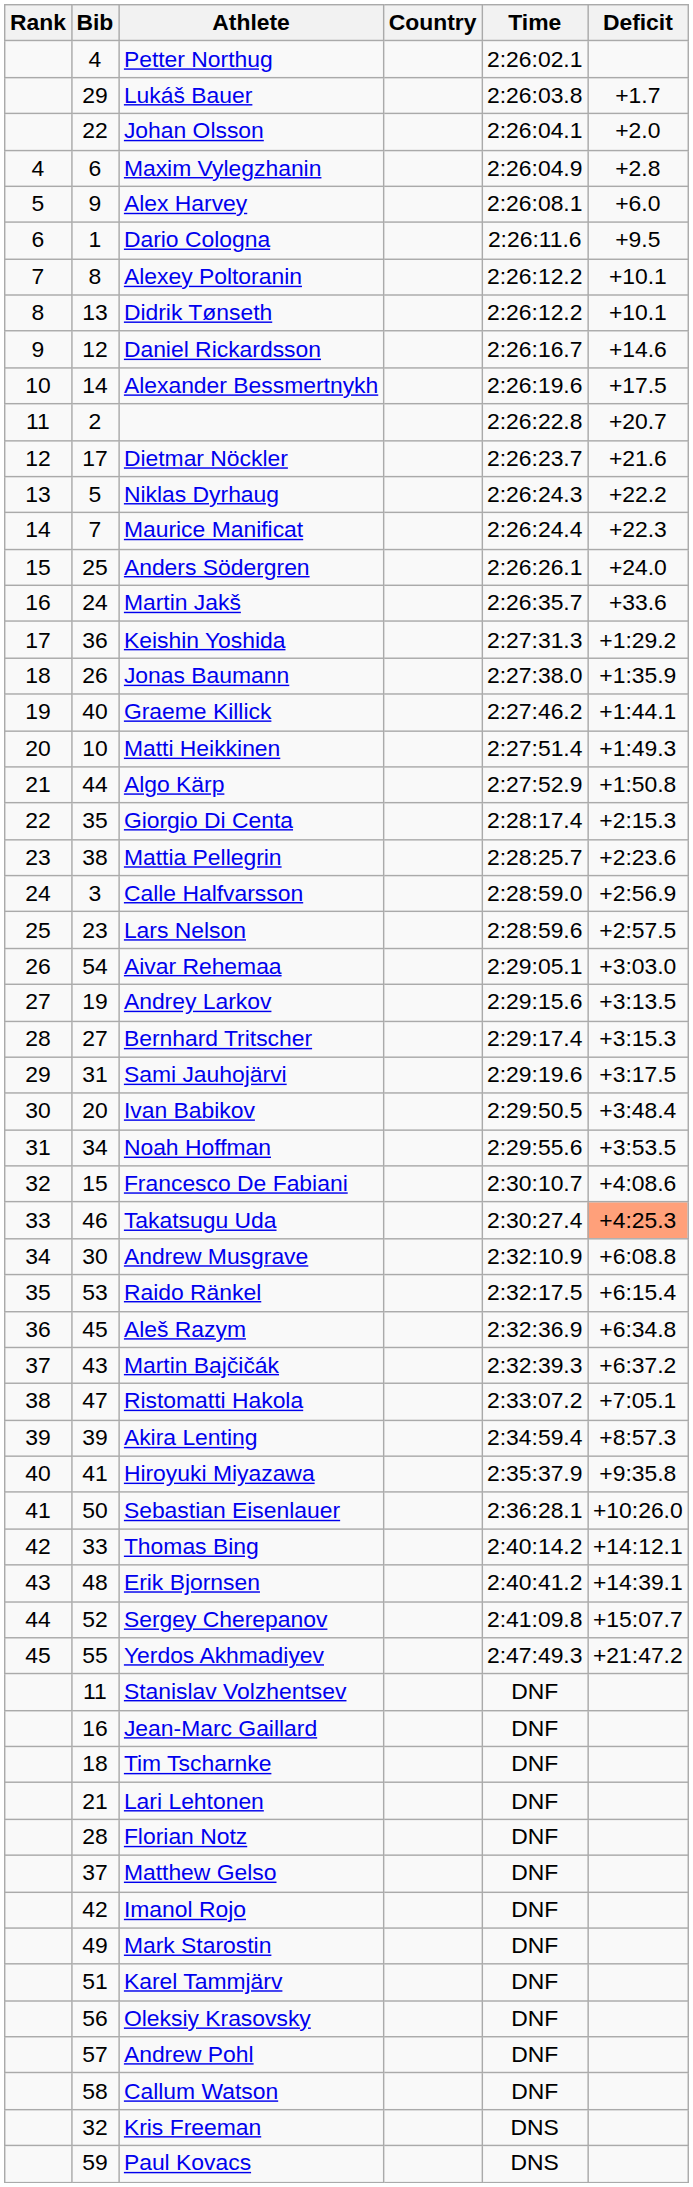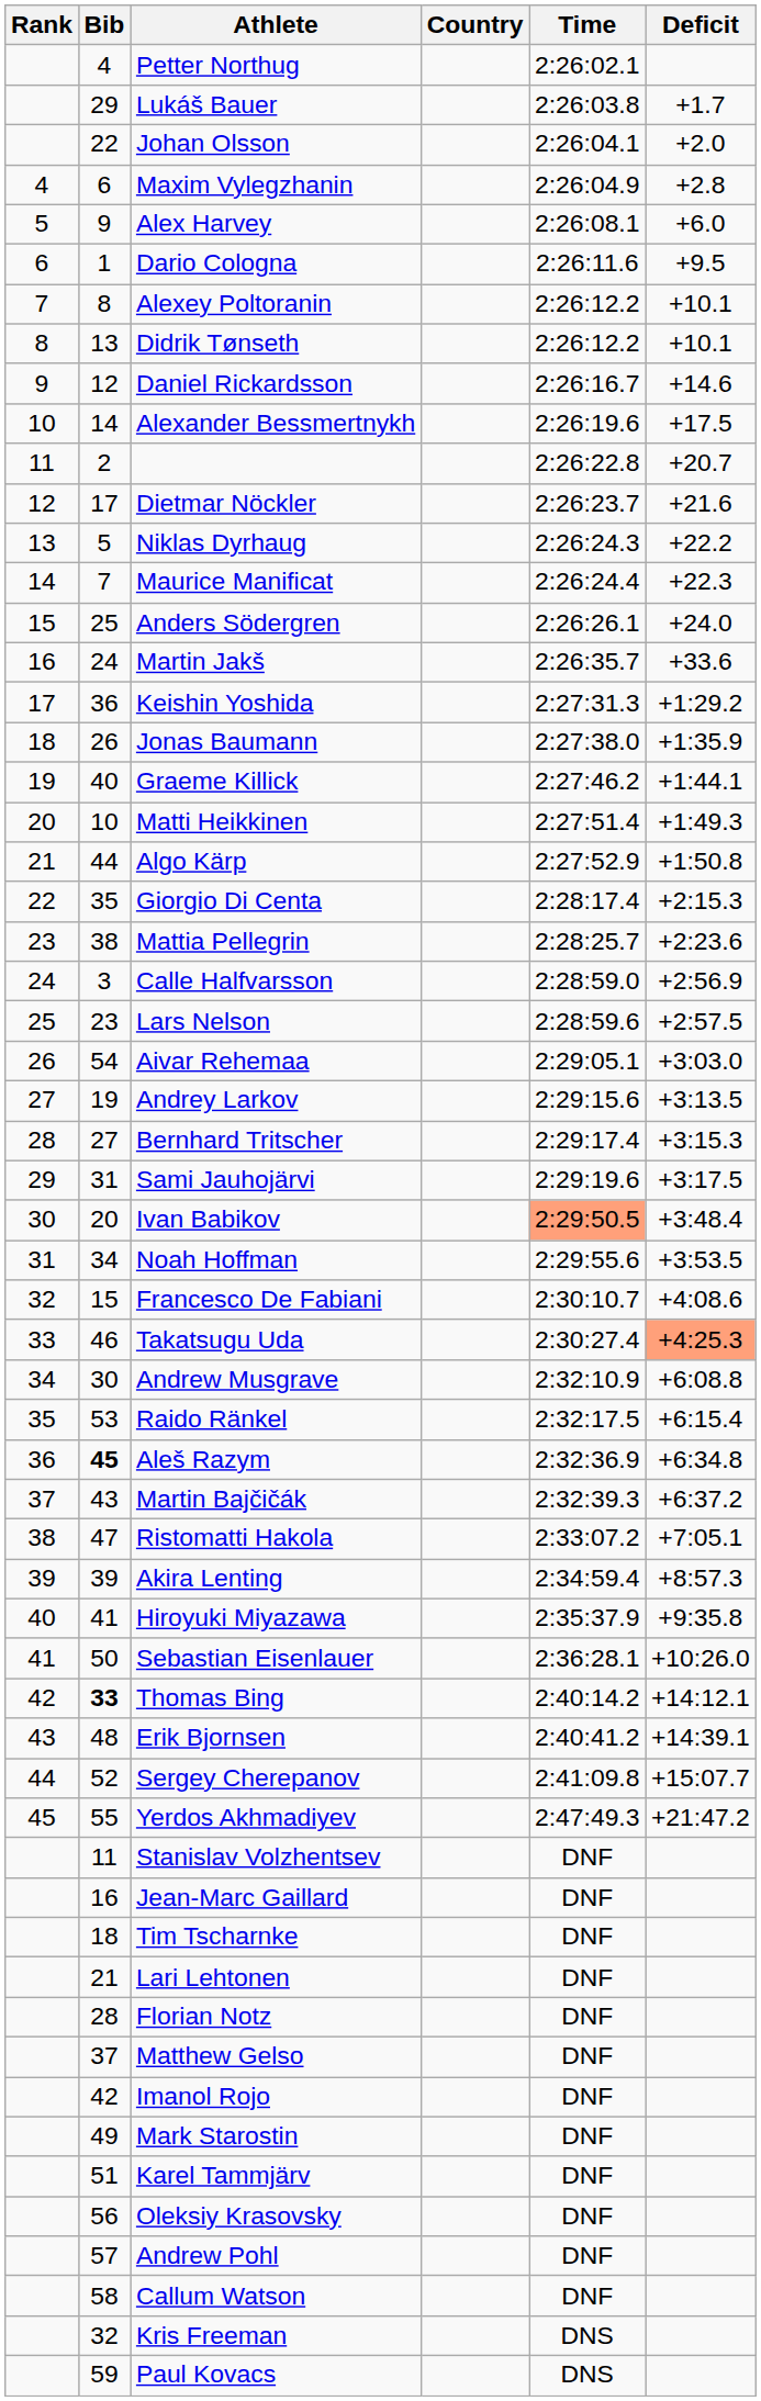 <table class="wikitable sortable" style="text-align:center">
 <tr>
 <th>Rank</th>
 <th>Bib</th>
 <th>Athlete</th>
 <th>Country</th>
 <th>Time</th>
 <th>Deficit</th>
 </tr>
 <tr>
 <td></td>
 <td>4</td>
 <td align=left><a href='#'>Petter Northug</a></td>
 <td align=left></td>
 <td>2:26:02.1</td>
 <td></td>
 </tr>
 <tr>
 <td></td>
 <td>29</td>
 <td align=left><a href='#'>Lukáš Bauer</a></td>
 <td align=left></td>
 <td>2:26:03.8</td>
 <td>+1.7</td>
 </tr>
 <tr>
 <td></td>
 <td>22</td>
 <td align=left><a href='#'>Johan Olsson</a></td>
 <td align=left></td>
 <td>2:26:04.1</td>
 <td>+2.0</td>
 </tr>
 <tr>
 <td>4</td>
 <td>6</td>
 <td align=left><a href='#'>Maxim Vylegzhanin</a></td>
 <td align=left></td>
 <td>2:26:04.9</td>
 <td>+2.8</td>
 </tr>
 <tr>
 <td>5</td>
 <td>9</td>
 <td align=left><a href='#'>Alex Harvey</a></td>
 <td align=left></td>
 <td>2:26:08.1</td>
 <td>+6.0</td>
 </tr>
 <tr>
 <td>6</td>
 <td>1</td>
 <td align=left><a href='#'>Dario Cologna</a></td>
 <td align=left></td>
 <td>2:26:11.6</td>
 <td>+9.5</td>
 </tr>
 <tr>
 <td>7</td>
 <td>8</td>
 <td align=left><a href='#'>Alexey Poltoranin</a></td>
 <td align=left></td>
 <td>2:26:12.2</td>
 <td>+10.1</td>
 </tr>
 <tr>
 <td>8</td>
 <td>13</td>
 <td align=left><a href='#'>Didrik Tønseth</a></td>
 <td align=left></td>
 <td>2:26:12.2</td>
 <td>+10.1</td>
 </tr>
 <tr>
 <td>9</td>
 <td>12</td>
 <td align=left><a href='#'>Daniel Rickardsson</a></td>
 <td align=left></td>
 <td>2:26:16.7</td>
 <td>+14.6</td>
 </tr>
 <tr>
 <td>10</td>
 <td>14</td>
 <td align=left><a href='#'>Alexander Bessmertnykh</a></td>
 <td align=left></td>
 <td>2:26:19.6</td>
 <td>+17.5</td>
 </tr>
 <tr>
 <td>11</td>
 <td>2</td>
 <td align=left></td>
 <td align=left></td>
 <td>2:26:22.8</td>
 <td>+20.7</td>
 </tr>
 <tr>
 <td>12</td>
 <td>17</td>
 <td align=left><a href='#'>Dietmar Nöckler</a></td>
 <td align=left></td>
 <td>2:26:23.7</td>
 <td>+21.6</td>
 </tr>
 <tr>
 <td>13</td>
 <td>5</td>
 <td align=left><a href='#'>Niklas Dyrhaug</a></td>
 <td align=left></td>
 <td>2:26:24.3</td>
 <td>+22.2</td>
 </tr>
 <tr>
 <td>14</td>
 <td>7</td>
 <td align=left><a href='#'>Maurice Manificat</a></td>
 <td align=left></td>
 <td>2:26:24.4</td>
 <td>+22.3</td>
 </tr>
 <tr>
 <td>15</td>
 <td>25</td>
 <td align=left><a href='#'>Anders Södergren</a></td>
 <td align=left></td>
 <td>2:26:26.1</td>
 <td>+24.0</td>
 </tr>
 <tr>
 <td>16</td>
 <td>24</td>
 <td align=left><a href='#'>Martin Jakš</a></td>
 <td align=left></td>
 <td>2:26:35.7</td>
 <td>+33.6</td>
 </tr>
 <tr>
 <td>17</td>
 <td>36</td>
 <td align=left><a href='#'>Keishin Yoshida</a></td>
 <td align=left></td>
 <td>2:27:31.3</td>
 <td>+1:29.2</td>
 </tr>
 <tr>
 <td>18</td>
 <td>26</td>
 <td align=left><a href='#'>Jonas Baumann</a></td>
 <td align=left></td>
 <td>2:27:38.0</td>
 <td>+1:35.9</td>
 </tr>
 <tr>
 <td>19</td>
 <td>40</td>
 <td align=left><a href='#'>Graeme Killick</a></td>
 <td align=left></td>
 <td>2:27:46.2</td>
 <td>+1:44.1</td>
 </tr>
 <tr>
 <td>20</td>
 <td>10</td>
 <td align=left><a href='#'>Matti Heikkinen</a></td>
 <td align=left></td>
 <td>2:27:51.4</td>
 <td>+1:49.3</td>
 </tr>
 <tr>
 <td>21</td>
 <td>44</td>
 <td align=left><a href='#'>Algo Kärp</a></td>
 <td align=left></td>
 <td>2:27:52.9</td>
 <td>+1:50.8</td>
 </tr>
 <tr>
 <td>22</td>
 <td>35</td>
 <td align=left><a href='#'>Giorgio Di Centa</a></td>
 <td align=left></td>
 <td>2:28:17.4</td>
 <td>+2:15.3</td>
 </tr>
 <tr>
 <td>23</td>
 <td>38</td>
 <td align=left><a href='#'>Mattia Pellegrin</a></td>
 <td align=left></td>
 <td>2:28:25.7</td>
 <td>+2:23.6</td>
 </tr>
 <tr>
 <td>24</td>
 <td>3</td>
 <td align=left><a href='#'>Calle Halfvarsson</a></td>
 <td align=left></td>
 <td>2:28:59.0</td>
 <td>+2:56.9</td>
 </tr>
 <tr>
 <td>25</td>
 <td>23</td>
 <td align=left><a href='#'>Lars Nelson</a></td>
 <td align=left></td>
 <td>2:28:59.6</td>
 <td>+2:57.5</td>
 </tr>
 <tr>
 <td>26</td>
 <td>54</td>
 <td align=left><a href='#'>Aivar Rehemaa</a></td>
 <td align=left></td>
 <td>2:29:05.1</td>
 <td>+3:03.0</td>
 </tr>
 <tr>
 <td>27</td>
 <td>19</td>
 <td align=left><a href='#'>Andrey Larkov</a></td>
 <td align=left></td>
 <td>2:29:15.6</td>
 <td>+3:13.5</td>
 </tr>
 <tr>
 <td>28</td>
 <td>27</td>
 <td align=left><a href='#'>Bernhard Tritscher</a></td>
 <td align=left></td>
 <td>2:29:17.4</td>
 <td>+3:15.3</td>
 </tr>
 <tr>
 <td>29</td>
 <td>31</td>
 <td align=left><a href='#'>Sami Jauhojärvi</a></td>
 <td align=left></td>
 <td>2:29:19.6</td>
 <td>+3:17.5</td>
 </tr>
 <tr>
 <td>30</td>
 <td>20</td>
 <td align=left><a href='#'>Ivan Babikov</a></td>
 <td align=left></td>
-<td>2:29:50.5</td>
+<td style="background: lightsalmon;">2:29:50.5</td>
 <td>+3:48.4</td>
 </tr>
 <tr>
 <td>31</td>
 <td>34</td>
 <td align=left><a href='#'>Noah Hoffman</a></td>
 <td align=left></td>
 <td>2:29:55.6</td>
 <td>+3:53.5</td>
 </tr>
 <tr>
 <td>32</td>
 <td>15</td>
 <td align=left><a href='#'>Francesco De Fabiani</a></td>
 <td align=left></td>
 <td>2:30:10.7</td>
 <td>+4:08.6</td>
 </tr>
 <tr>
 <td>33</td>
 <td>46</td>
 <td align=left><a href='#'>Takatsugu Uda</a></td>
 <td align=left></td>
 <td>2:30:27.4</td>
 <td style="background: lightsalmon;">+4:25.3</td>
 </tr>
 <tr>
 <td>34</td>
 <td>30</td>
 <td align=left><a href='#'>Andrew Musgrave</a></td>
 <td align=left></td>
 <td>2:32:10.9</td>
 <td>+6:08.8</td>
 </tr>
 <tr>
 <td>35</td>
 <td>53</td>
 <td align=left><a href='#'>Raido Ränkel</a></td>
 <td align=left></td>
 <td>2:32:17.5</td>
 <td>+6:15.4</td>
 </tr>
 <tr>
 <td>36</td>
-<td>45</td>
+<td><strong>45</strong></td>
 <td align=left><a href='#'>Aleš Razym</a></td>
 <td align=left></td>
 <td>2:32:36.9</td>
 <td>+6:34.8</td>
 </tr>
 <tr>
 <td>37</td>
 <td>43</td>
 <td align=left><a href='#'>Martin Bajčičák</a></td>
 <td align=left></td>
 <td>2:32:39.3</td>
 <td>+6:37.2</td>
 </tr>
 <tr>
 <td>38</td>
 <td>47</td>
 <td align=left><a href='#'>Ristomatti Hakola</a></td>
 <td align=left></td>
 <td>2:33:07.2</td>
 <td>+7:05.1</td>
 </tr>
 <tr>
 <td>39</td>
 <td>39</td>
 <td align=left><a href='#'>Akira Lenting</a></td>
 <td align=left></td>
 <td>2:34:59.4</td>
 <td>+8:57.3</td>
 </tr>
 <tr>
 <td>40</td>
 <td>41</td>
 <td align=left><a href='#'>Hiroyuki Miyazawa</a></td>
 <td align=left></td>
 <td>2:35:37.9</td>
 <td>+9:35.8</td>
 </tr>
 <tr>
 <td>41</td>
 <td>50</td>
 <td align=left><a href='#'>Sebastian Eisenlauer</a></td>
 <td align=left></td>
 <td>2:36:28.1</td>
 <td>+10:26.0</td>
 </tr>
 <tr>
 <td>42</td>
-<td>33</td>
+<td><strong>33</strong></td>
 <td align=left><a href='#'>Thomas Bing</a></td>
 <td align=left></td>
 <td>2:40:14.2</td>
 <td>+14:12.1</td>
 </tr>
 <tr>
 <td>43</td>
 <td>48</td>
 <td align=left><a href='#'>Erik Bjornsen</a></td>
 <td align=left></td>
 <td>2:40:41.2</td>
 <td>+14:39.1</td>
 </tr>
 <tr>
 <td>44</td>
 <td>52</td>
 <td align=left><a href='#'>Sergey Cherepanov</a></td>
 <td align=left></td>
 <td>2:41:09.8</td>
 <td>+15:07.7</td>
 </tr>
 <tr>
 <td>45</td>
 <td>55</td>
 <td align=left><a href='#'>Yerdos Akhmadiyev</a></td>
 <td align=left></td>
 <td>2:47:49.3</td>
 <td>+21:47.2</td>
 </tr>
 <tr>
 <td></td>
 <td>11</td>
 <td align=left><a href='#'>Stanislav Volzhentsev</a></td>
 <td align=left></td>
 <td>DNF</td>
 <td></td>
 </tr>
 <tr>
 <td></td>
 <td>16</td>
 <td align=left><a href='#'>Jean-Marc Gaillard</a></td>
 <td align=left></td>
 <td>DNF</td>
 <td></td>
 </tr>
 <tr>
 <td></td>
 <td>18</td>
 <td align=left><a href='#'>Tim Tscharnke</a></td>
 <td align=left></td>
 <td>DNF</td>
 <td></td>
 </tr>
 <tr>
 <td></td>
 <td>21</td>
 <td align=left><a href='#'>Lari Lehtonen</a></td>
 <td align=left></td>
 <td>DNF</td>
 <td></td>
 </tr>
 <tr>
 <td></td>
 <td>28</td>
 <td align=left><a href='#'>Florian Notz</a></td>
 <td align=left></td>
 <td>DNF</td>
 <td></td>
 </tr>
 <tr>
 <td></td>
 <td>37</td>
 <td align=left><a href='#'>Matthew Gelso</a></td>
 <td align=left></td>
 <td>DNF</td>
 <td></td>
 </tr>
 <tr>
 <td></td>
 <td>42</td>
 <td align=left><a href='#'>Imanol Rojo</a></td>
 <td align=left></td>
 <td>DNF</td>
 <td></td>
 </tr>
 <tr>
 <td></td>
 <td>49</td>
 <td align=left><a href='#'>Mark Starostin</a></td>
 <td align=left></td>
 <td>DNF</td>
 <td></td>
 </tr>
 <tr>
 <td></td>
 <td>51</td>
 <td align=left><a href='#'>Karel Tammjärv</a></td>
 <td align=left></td>
 <td>DNF</td>
 <td></td>
 </tr>
 <tr>
 <td></td>
 <td>56</td>
 <td align=left><a href='#'>Oleksiy Krasovsky</a></td>
 <td align=left></td>
 <td>DNF</td>
 <td></td>
 </tr>
 <tr>
 <td></td>
 <td>57</td>
 <td align=left><a href='#'>Andrew Pohl</a></td>
 <td align=left></td>
 <td>DNF</td>
 <td></td>
 </tr>
 <tr>
 <td></td>
 <td>58</td>
 <td align=left><a href='#'>Callum Watson</a></td>
 <td align=left></td>
 <td>DNF</td>
 <td></td>
 </tr>
 <tr>
 <td></td>
 <td>32</td>
 <td align=left><a href='#'>Kris Freeman</a></td>
 <td align=left></td>
 <td>DNS</td>
 <td></td>
 </tr>
 <tr>
 <td></td>
 <td>59</td>
 <td align=left><a href='#'>Paul Kovacs</a></td>
 <td align=left></td>
 <td>DNS</td>
 <td></td>
 </tr>
 </table>
